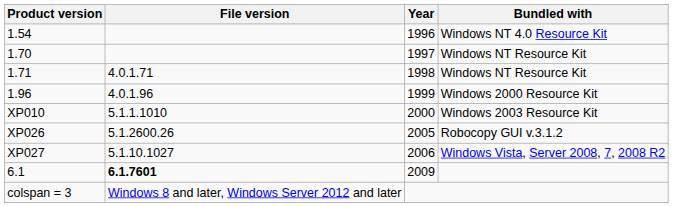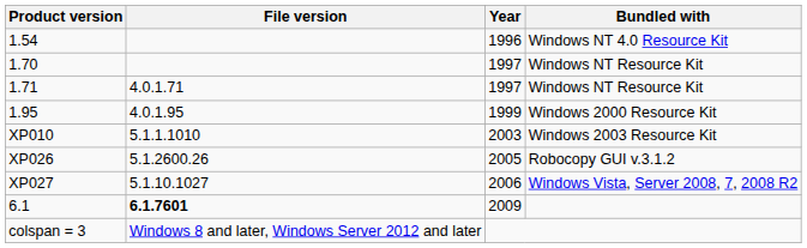 <table class="wikitable">
 <tr>
 <th>Product version</th>
 <th>File version</th>
 <th>Year</th>
 <th>Bundled with</th>
 </tr>
 <tr>
 <td>1.54</td>
 <td></td>
 <td>1996</td>
 <td>Windows NT 4.0 <a href='#'>Resource Kit</a></td>
 </tr>
 <tr>
 <td>1.70</td>
 <td></td>
 <td>1997</td>
 <td>Windows NT Resource Kit</td>
 </tr>
 <tr>
 <td>1.71</td>
 <td>4.0.1.71</td>
-<td>1998</td>
+<td>1997</td>
 <td>Windows NT Resource Kit</td>
 </tr>
 <tr>
-<td>1.96</td>
-<td>4.0.1.96</td>
+<td>1.95</td>
+<td>4.0.1.95</td>
 <td>1999</td>
 <td>Windows 2000 Resource Kit</td>
 </tr>
 <tr>
 <td>XP010</td>
 <td>5.1.1.1010</td>
-<td>2000</td>
+<td>2003</td>
 <td>Windows 2003 Resource Kit</td>
 </tr>
 <tr>
 <td>XP026</td>
 <td>5.1.2600.26</td>
 <td>2005</td>
 <td>Robocopy GUI v.3.1.2</td>
 </tr>
 <tr>
 <td>XP027</td>
 <td>5.1.10.1027</td>
 <td>2006</td>
 <td><a href='#'>Windows Vista</a>, <a href='#'>Server 2008</a>, <a href='#'>7</a>, <a href='#'>2008 R2</a></td>
 </tr>
 <tr>
 <td>6.1</td>
 <td><strong>6.1.7601</strong></td>
 <td>2009</td>
 <td></td>
 </tr>
 <tr>
 <td>colspan = 3 </td>
 <td><a href='#'>Windows 8</a> and later, <a href='#'>Windows Server 2012</a> and later</td>
 </tr>
 </table>
